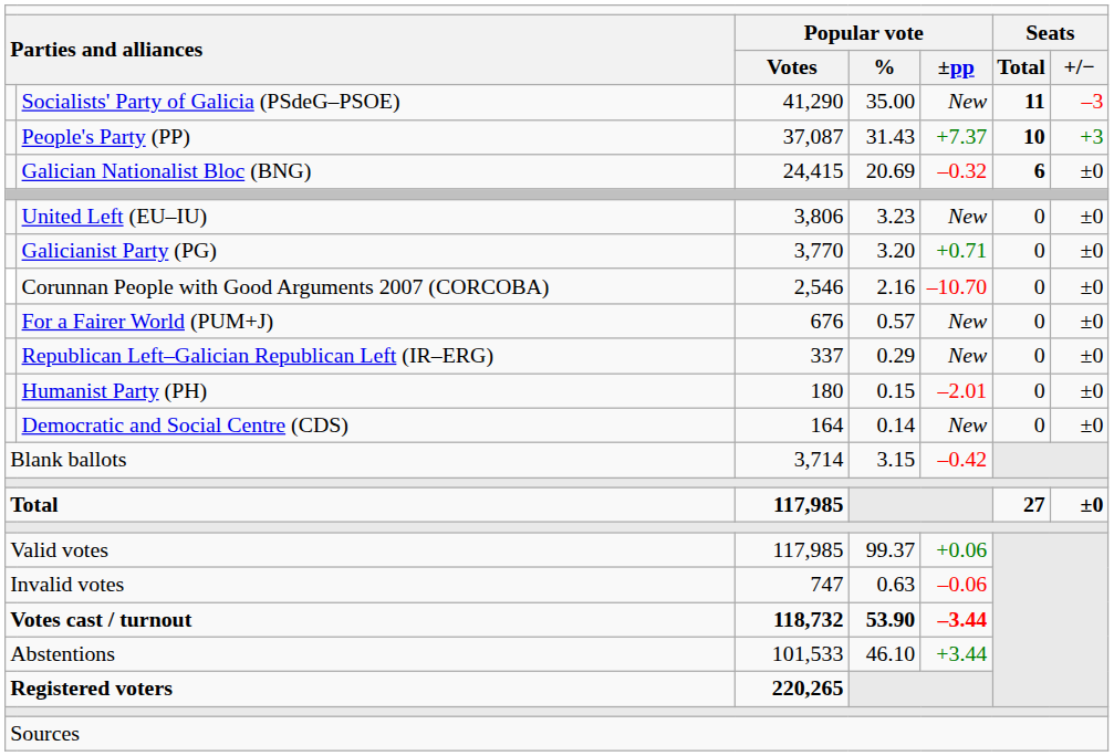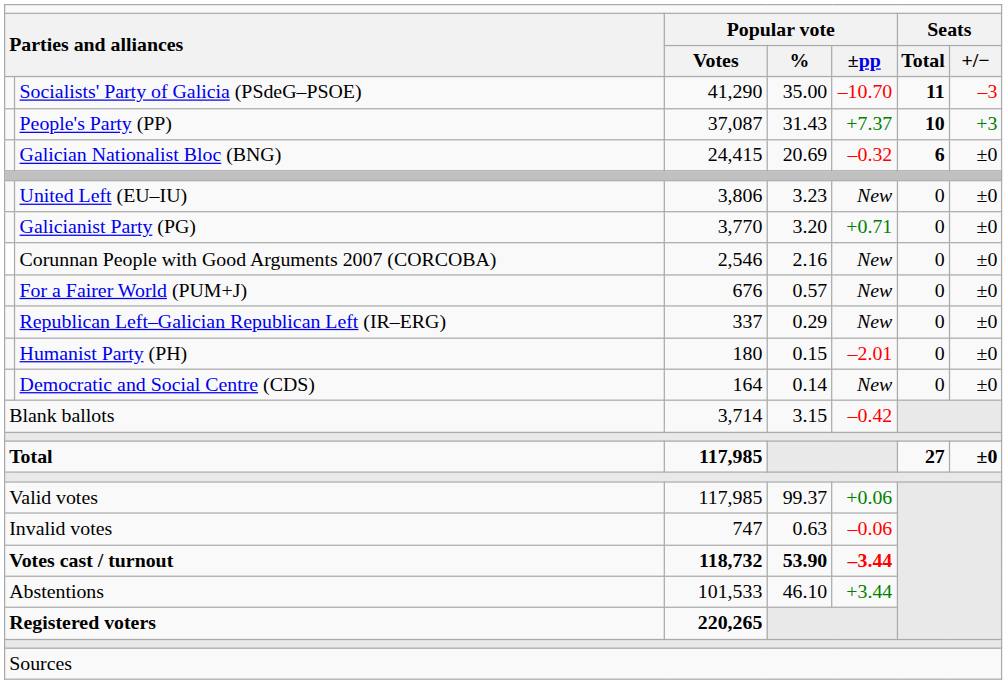 <table class="wikitable" style="text-align:right;">
 <tr>
 <td colspan="7"></td>
 </tr>
 <tr>
 <th style="text-align:left;" rowspan="2" colspan="2" width="525">Parties and alliances</th>
 <th colspan="3">Popular vote</th>
 <th colspan="2">Seats</th>
 </tr>
 <tr>
 <th width="75">Votes</th>
 <th width="45">%</th>
 <th width="45">±<a href='#'>pp</a></th>
 <th width="35">Total</th>
 <th width="35">+/−</th>
 </tr>
 <tr>
 <td width="1" style="color:inherit;background:"></td>
 <td align="left"><a href='#'>Socialists' Party of Galicia</a> (PSdeG–PSOE)</td>
 <td>41,290</td>
 <td>35.00</td>
-<td><em>New</em></td>
+<td style="color:red;">–10.70</td>
 <td><strong>11</strong></td>
 <td style="color:red;">–3</td>
 </tr>
 <tr>
 <td style="color:inherit;background:"></td>
 <td align="left"><a href='#'>People's Party</a> (PP)</td>
 <td>37,087</td>
 <td>31.43</td>
 <td style="color:green;">+7.37</td>
 <td><strong>10</strong></td>
 <td style="color:green;">+3</td>
 </tr>
 <tr>
 <td style="color:inherit;background:"></td>
 <td align="left"><a href='#'>Galician Nationalist Bloc</a> (BNG)</td>
 <td>24,415</td>
 <td>20.69</td>
 <td style="color:red;">–0.32</td>
 <td><strong>6</strong></td>
 <td>±0</td>
 </tr>
 <tr>
 <td colspan="7" bgcolor="#C0C0C0"></td>
 </tr>
 <tr>
 <td style="color:inherit;background:"></td>
 <td align="left"><a href='#'>United Left</a> (EU–IU)</td>
 <td>3,806</td>
 <td>3.23</td>
 <td><em>New</em></td>
 <td>0</td>
 <td>±0</td>
 </tr>
 <tr>
 <td style="color:inherit;background:"></td>
 <td align="left"><a href='#'>Galicianist Party</a> (PG)</td>
 <td>3,770</td>
 <td>3.20</td>
 <td style="color:green;">+0.71</td>
 <td>0</td>
 <td>±0</td>
 </tr>
 <tr>
 <td bgcolor="white"></td>
 <td align="left">Corunnan People with Good Arguments 2007 (CORCOBA)</td>
 <td>2,546</td>
 <td>2.16</td>
-<td style="color:red;">–10.70</td>
+<td><em>New</em></td>
 <td>0</td>
 <td>±0</td>
 </tr>
 <tr>
 <td style="color:inherit;background:"></td>
 <td align="left"><a href='#'>For a Fairer World</a> (PUM+J)</td>
 <td>676</td>
 <td>0.57</td>
 <td><em>New</em></td>
 <td>0</td>
 <td>±0</td>
 </tr>
 <tr>
 <td style="color:inherit;background:"></td>
 <td align="left"><a href='#'>Republican Left–Galician Republican Left</a> (IR–ERG)</td>
 <td>337</td>
 <td>0.29</td>
 <td><em>New</em></td>
 <td>0</td>
 <td>±0</td>
 </tr>
 <tr>
 <td style="color:inherit;background:"></td>
 <td align="left"><a href='#'>Humanist Party</a> (PH)</td>
 <td>180</td>
 <td>0.15</td>
 <td style="color:red;">–2.01</td>
 <td>0</td>
 <td>±0</td>
 </tr>
 <tr>
 <td style="color:inherit;background:"></td>
 <td align="left"><a href='#'>Democratic and Social Centre</a> (CDS)</td>
 <td>164</td>
 <td>0.14</td>
 <td><em>New</em></td>
 <td>0</td>
 <td>±0</td>
 </tr>
 <tr>
 <td align="left" colspan="2">Blank ballots</td>
 <td>3,714</td>
 <td>3.15</td>
 <td style="color:red;">–0.42</td>
 <td bgcolor="#E9E9E9" colspan="2"></td>
 </tr>
 <tr>
 <td colspan="7" bgcolor="#E9E9E9"></td>
 </tr>
 <tr style="font-weight:bold;">
 <td align="left" colspan="2">Total</td>
 <td>117,985</td>
 <td bgcolor="#E9E9E9" colspan="2"></td>
 <td>27</td>
 <td>±0</td>
 </tr>
 <tr>
 <td colspan="7" bgcolor="#E9E9E9"></td>
 </tr>
 <tr>
 <td align="left" colspan="2">Valid votes</td>
 <td>117,985</td>
 <td>99.37</td>
 <td style="color:green;">+0.06</td>
 <td bgcolor="#E9E9E9" colspan="2" rowspan="5"></td>
 </tr>
 <tr>
 <td align="left" colspan="2">Invalid votes</td>
 <td>747</td>
 <td>0.63</td>
 <td style="color:red;">–0.06</td>
 </tr>
 <tr style="font-weight:bold;">
 <td align="left" colspan="2">Votes cast / turnout</td>
 <td>118,732</td>
 <td>53.90</td>
 <td style="color:red;">–3.44</td>
 </tr>
 <tr>
 <td align="left" colspan="2">Abstentions</td>
 <td>101,533</td>
 <td>46.10</td>
 <td style="color:green;">+3.44</td>
 </tr>
 <tr style="font-weight:bold;">
 <td align="left" colspan="2">Registered voters</td>
 <td>220,265</td>
 <td bgcolor="#E9E9E9" colspan="2"></td>
 </tr>
 <tr>
 <td colspan="7" bgcolor="#E9E9E9"></td>
 </tr>
 <tr>
 <td align="left" colspan="7">Sources</td>
 </tr>
 </table>
